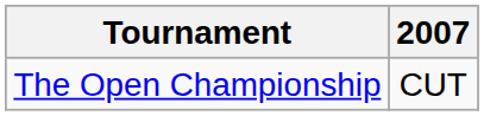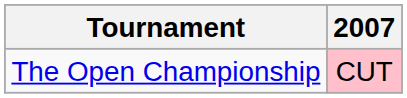 <table class="wikitable" style="font-size:95%;text-align:center;">
 <tr>
 <th>Tournament</th>
 <th>2007</th>
 </tr>
 <tr>
 <td align=left><a href='#'>The Open Championship</a></td>
-<td>CUT</td>
+<td style="background: pink;">CUT</td>
 </tr>
 </table>
